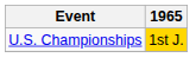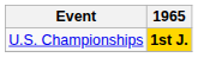 <table class="wikitable">
 <tr>
 <th>Event</th>
 <th>1965</th>
 </tr>
 <tr>
 <td><a href='#'>U.S. Championships</a></td>
-<td align="center" bgcolor="gold">1st J.</td>
+<td align="center" bgcolor="gold"><strong>1st J.</strong></td>
 </tr>
 <tr>
 </tr>
 </table>
